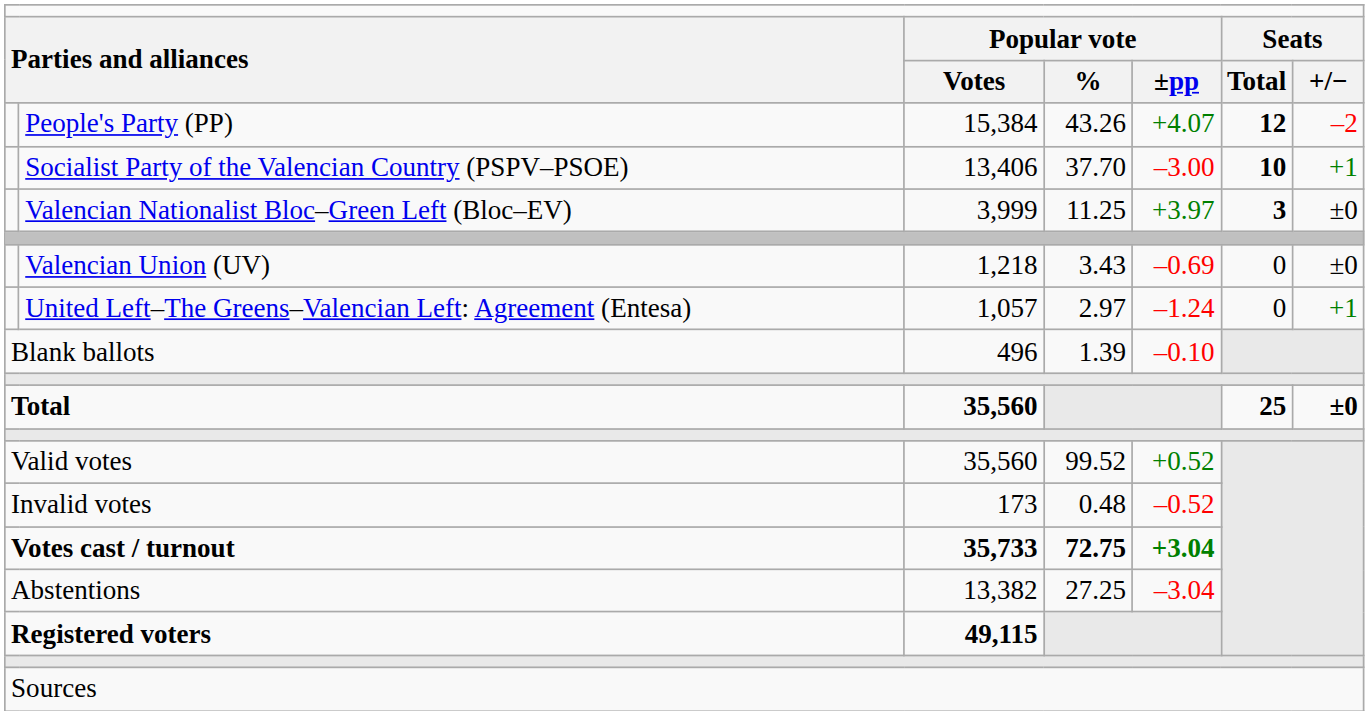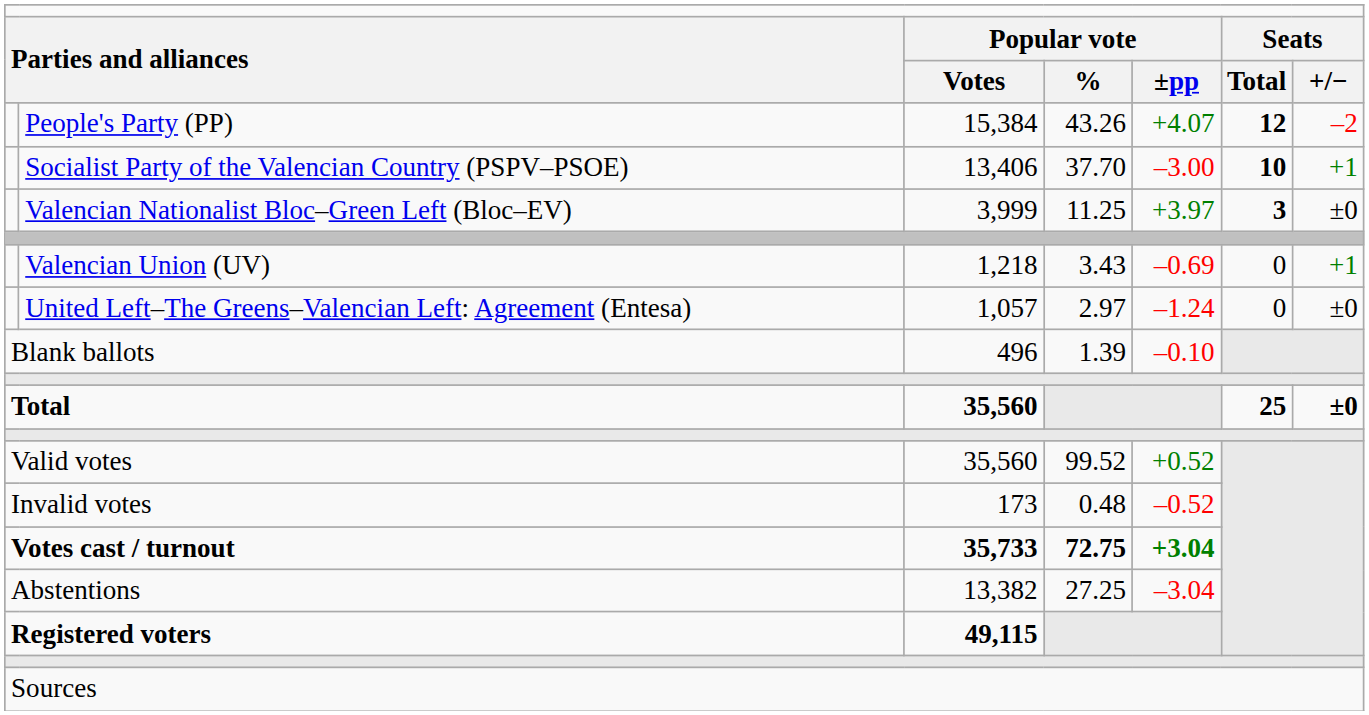 <table class="wikitable" style="text-align:right;">
 <tr>
 <td colspan="7"></td>
 </tr>
 <tr>
 <th style="text-align:left;" rowspan="2" colspan="2" width="525">Parties and alliances</th>
 <th colspan="3">Popular vote</th>
 <th colspan="2">Seats</th>
 </tr>
 <tr>
 <th width="75">Votes</th>
 <th width="45">%</th>
 <th width="45">±<a href='#'>pp</a></th>
 <th width="35">Total</th>
 <th width="35">+/−</th>
 </tr>
 <tr>
 <td width="1" style="color:inherit;background:"></td>
 <td align="left"><a href='#'>People's Party</a> (PP)</td>
 <td>15,384</td>
 <td>43.26</td>
 <td style="color:green;">+4.07</td>
 <td><strong>12</strong></td>
 <td style="color:red;">–2</td>
 </tr>
 <tr>
 <td style="color:inherit;background:"></td>
 <td align="left"><a href='#'>Socialist Party of the Valencian Country</a> (PSPV–PSOE)</td>
 <td>13,406</td>
 <td>37.70</td>
 <td style="color:red;">–3.00</td>
 <td><strong>10</strong></td>
 <td style="color:green;">+1</td>
 </tr>
 <tr>
 <td style="color:inherit;background:"></td>
 <td align="left"><a href='#'>Valencian Nationalist Bloc</a>–<a href='#'>Green Left</a> (Bloc–EV)</td>
 <td>3,999</td>
 <td>11.25</td>
 <td style="color:green;">+3.97</td>
 <td><strong>3</strong></td>
 <td>±0</td>
 </tr>
 <tr>
 <td colspan="7" bgcolor="#C0C0C0"></td>
 </tr>
 <tr>
 <td style="color:inherit;background:"></td>
 <td align="left"><a href='#'>Valencian Union</a> (UV)</td>
 <td>1,218</td>
 <td>3.43</td>
 <td style="color:red;">–0.69</td>
 <td>0</td>
-<td>±0</td>
+<td style="color:green;">+1</td>
 </tr>
 <tr>
 <td style="color:inherit;background:"></td>
 <td align="left"><a href='#'>United Left</a>–<a href='#'>The Greens</a>–<a href='#'>Valencian Left</a>: <a href='#'>Agreement</a> (Entesa)</td>
 <td>1,057</td>
 <td>2.97</td>
 <td style="color:red;">–1.24</td>
 <td>0</td>
-<td style="color:green;">+1</td>
+<td>±0</td>
 </tr>
 <tr>
 <td align="left" colspan="2">Blank ballots</td>
 <td>496</td>
 <td>1.39</td>
 <td style="color:red;">–0.10</td>
 <td bgcolor="#E9E9E9" colspan="2"></td>
 </tr>
 <tr>
 <td colspan="7" bgcolor="#E9E9E9"></td>
 </tr>
 <tr style="font-weight:bold;">
 <td align="left" colspan="2">Total</td>
 <td>35,560</td>
 <td bgcolor="#E9E9E9" colspan="2"></td>
 <td>25</td>
 <td>±0</td>
 </tr>
 <tr>
 <td colspan="7" bgcolor="#E9E9E9"></td>
 </tr>
 <tr>
 <td align="left" colspan="2">Valid votes</td>
 <td>35,560</td>
 <td>99.52</td>
 <td style="color:green;">+0.52</td>
 <td bgcolor="#E9E9E9" colspan="2" rowspan="5"></td>
 </tr>
 <tr>
 <td align="left" colspan="2">Invalid votes</td>
 <td>173</td>
 <td>0.48</td>
 <td style="color:red;">–0.52</td>
 </tr>
 <tr style="font-weight:bold;">
 <td align="left" colspan="2">Votes cast / turnout</td>
 <td>35,733</td>
 <td>72.75</td>
 <td style="color:green;">+3.04</td>
 </tr>
 <tr>
 <td align="left" colspan="2">Abstentions</td>
 <td>13,382</td>
 <td>27.25</td>
 <td style="color:red;">–3.04</td>
 </tr>
 <tr style="font-weight:bold;">
 <td align="left" colspan="2">Registered voters</td>
 <td>49,115</td>
 <td bgcolor="#E9E9E9" colspan="2"></td>
 </tr>
 <tr>
 <td colspan="7" bgcolor="#E9E9E9"></td>
 </tr>
 <tr>
 <td align="left" colspan="7">Sources</td>
 </tr>
 </table>
